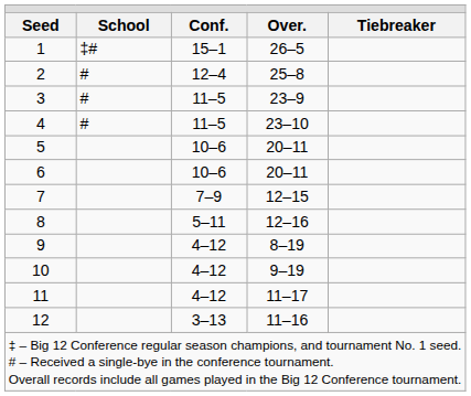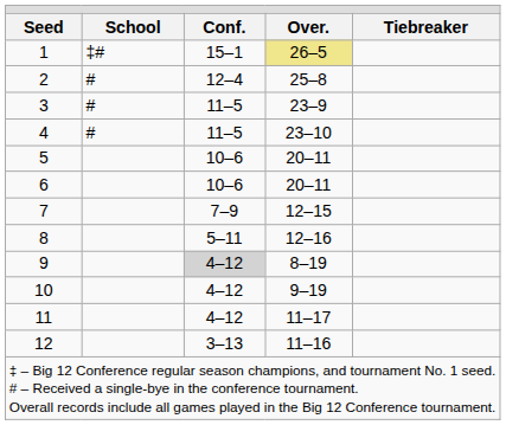 <table class="wikitable" style="white-space:nowrap; font-size:90%;text-align:center">
 <tr>
 <td colspan="10" style="text-align:center; background:#DDDDDD; font:#000000"><strong></strong></td>
 </tr>
 <tr bgcolor="#efefef">
 <th>Seed</th>
 <th>School</th>
 <th>Conf.</th>
 <th>Over.</th>
 <th>Tiebreaker</th>
 </tr>
 <tr>
 <td>1</td>
 <td align=left> ‡#</td>
 <td>15–1</td>
-<td>26–5</td>
+<td style="background: khaki;">26–5</td>
 <td></td>
 </tr>
 <tr>
 <td>2</td>
 <td align=left> #</td>
 <td>12–4</td>
 <td>25–8</td>
 <td></td>
 </tr>
 <tr>
 <td>3</td>
 <td align=left> #</td>
 <td>11–5</td>
 <td>23–9</td>
 <td></td>
 </tr>
 <tr>
 <td>4</td>
 <td align=left> #</td>
 <td>11–5</td>
 <td>23–10</td>
 <td></td>
 </tr>
 <tr>
 <td>5</td>
 <td align=left></td>
 <td>10–6</td>
 <td>20–11</td>
 <td></td>
 </tr>
 <tr>
 <td>6</td>
 <td align=left></td>
 <td>10–6</td>
 <td>20–11</td>
 <td></td>
 </tr>
 <tr>
 <td>7</td>
 <td align=left></td>
 <td>7–9</td>
 <td>12–15</td>
 <td></td>
 </tr>
 <tr>
 <td>8</td>
 <td align=left></td>
 <td>5–11</td>
 <td>12–16</td>
 <td></td>
 </tr>
 <tr>
 <td>9</td>
 <td align=left></td>
-<td>4–12</td>
+<td style="background: lightgrey;">4–12</td>
 <td>8–19</td>
 <td></td>
 </tr>
 <tr>
 <td>10</td>
 <td align=left></td>
 <td>4–12</td>
 <td>9–19</td>
 <td></td>
 </tr>
 <tr>
 <td>11</td>
 <td align=left></td>
 <td>4–12</td>
 <td>11–17</td>
 <td></td>
 </tr>
 <tr>
 <td>12</td>
 <td align=left></td>
 <td>3–13</td>
 <td>11–16</td>
 <td></td>
 </tr>
 <tr>
 <td colspan="10" style="text-align:left;"><small>‡ – Big 12 Conference regular season champions, and tournament No. 1 seed.<br># – Received a single-bye in the conference tournament.<br>Overall records include all games played in the Big 12 Conference tournament.</small></td>
 </tr>
 </table>
